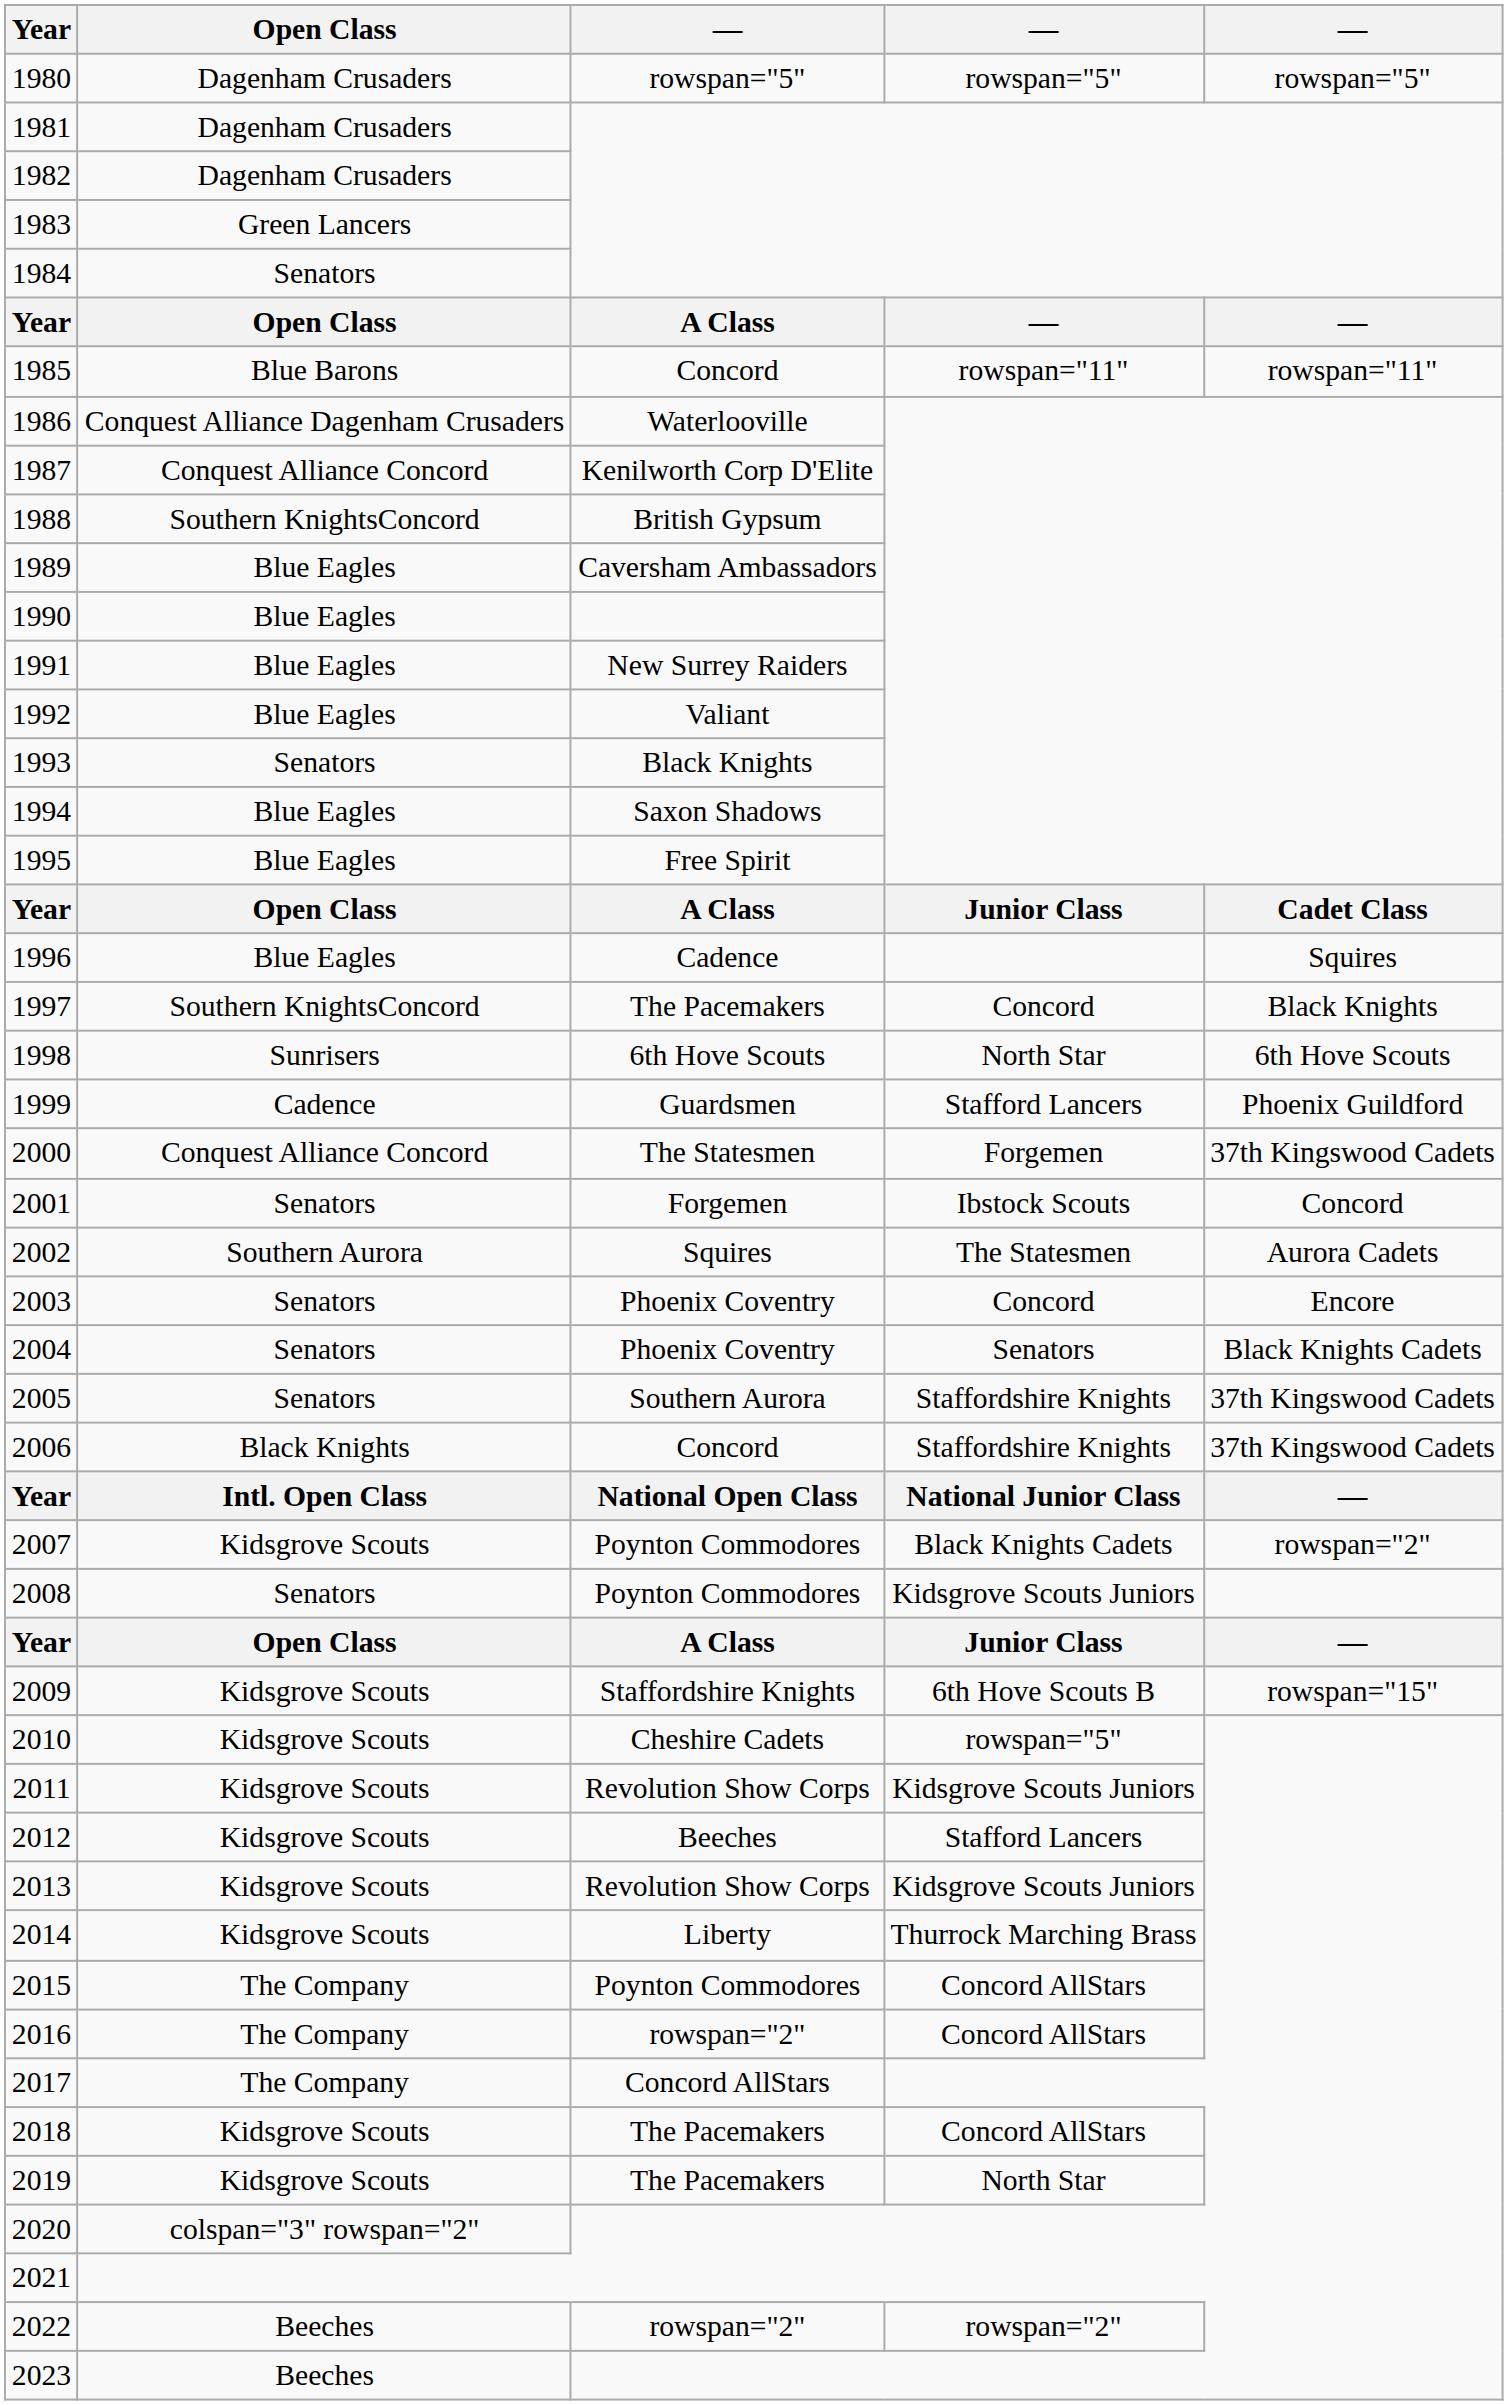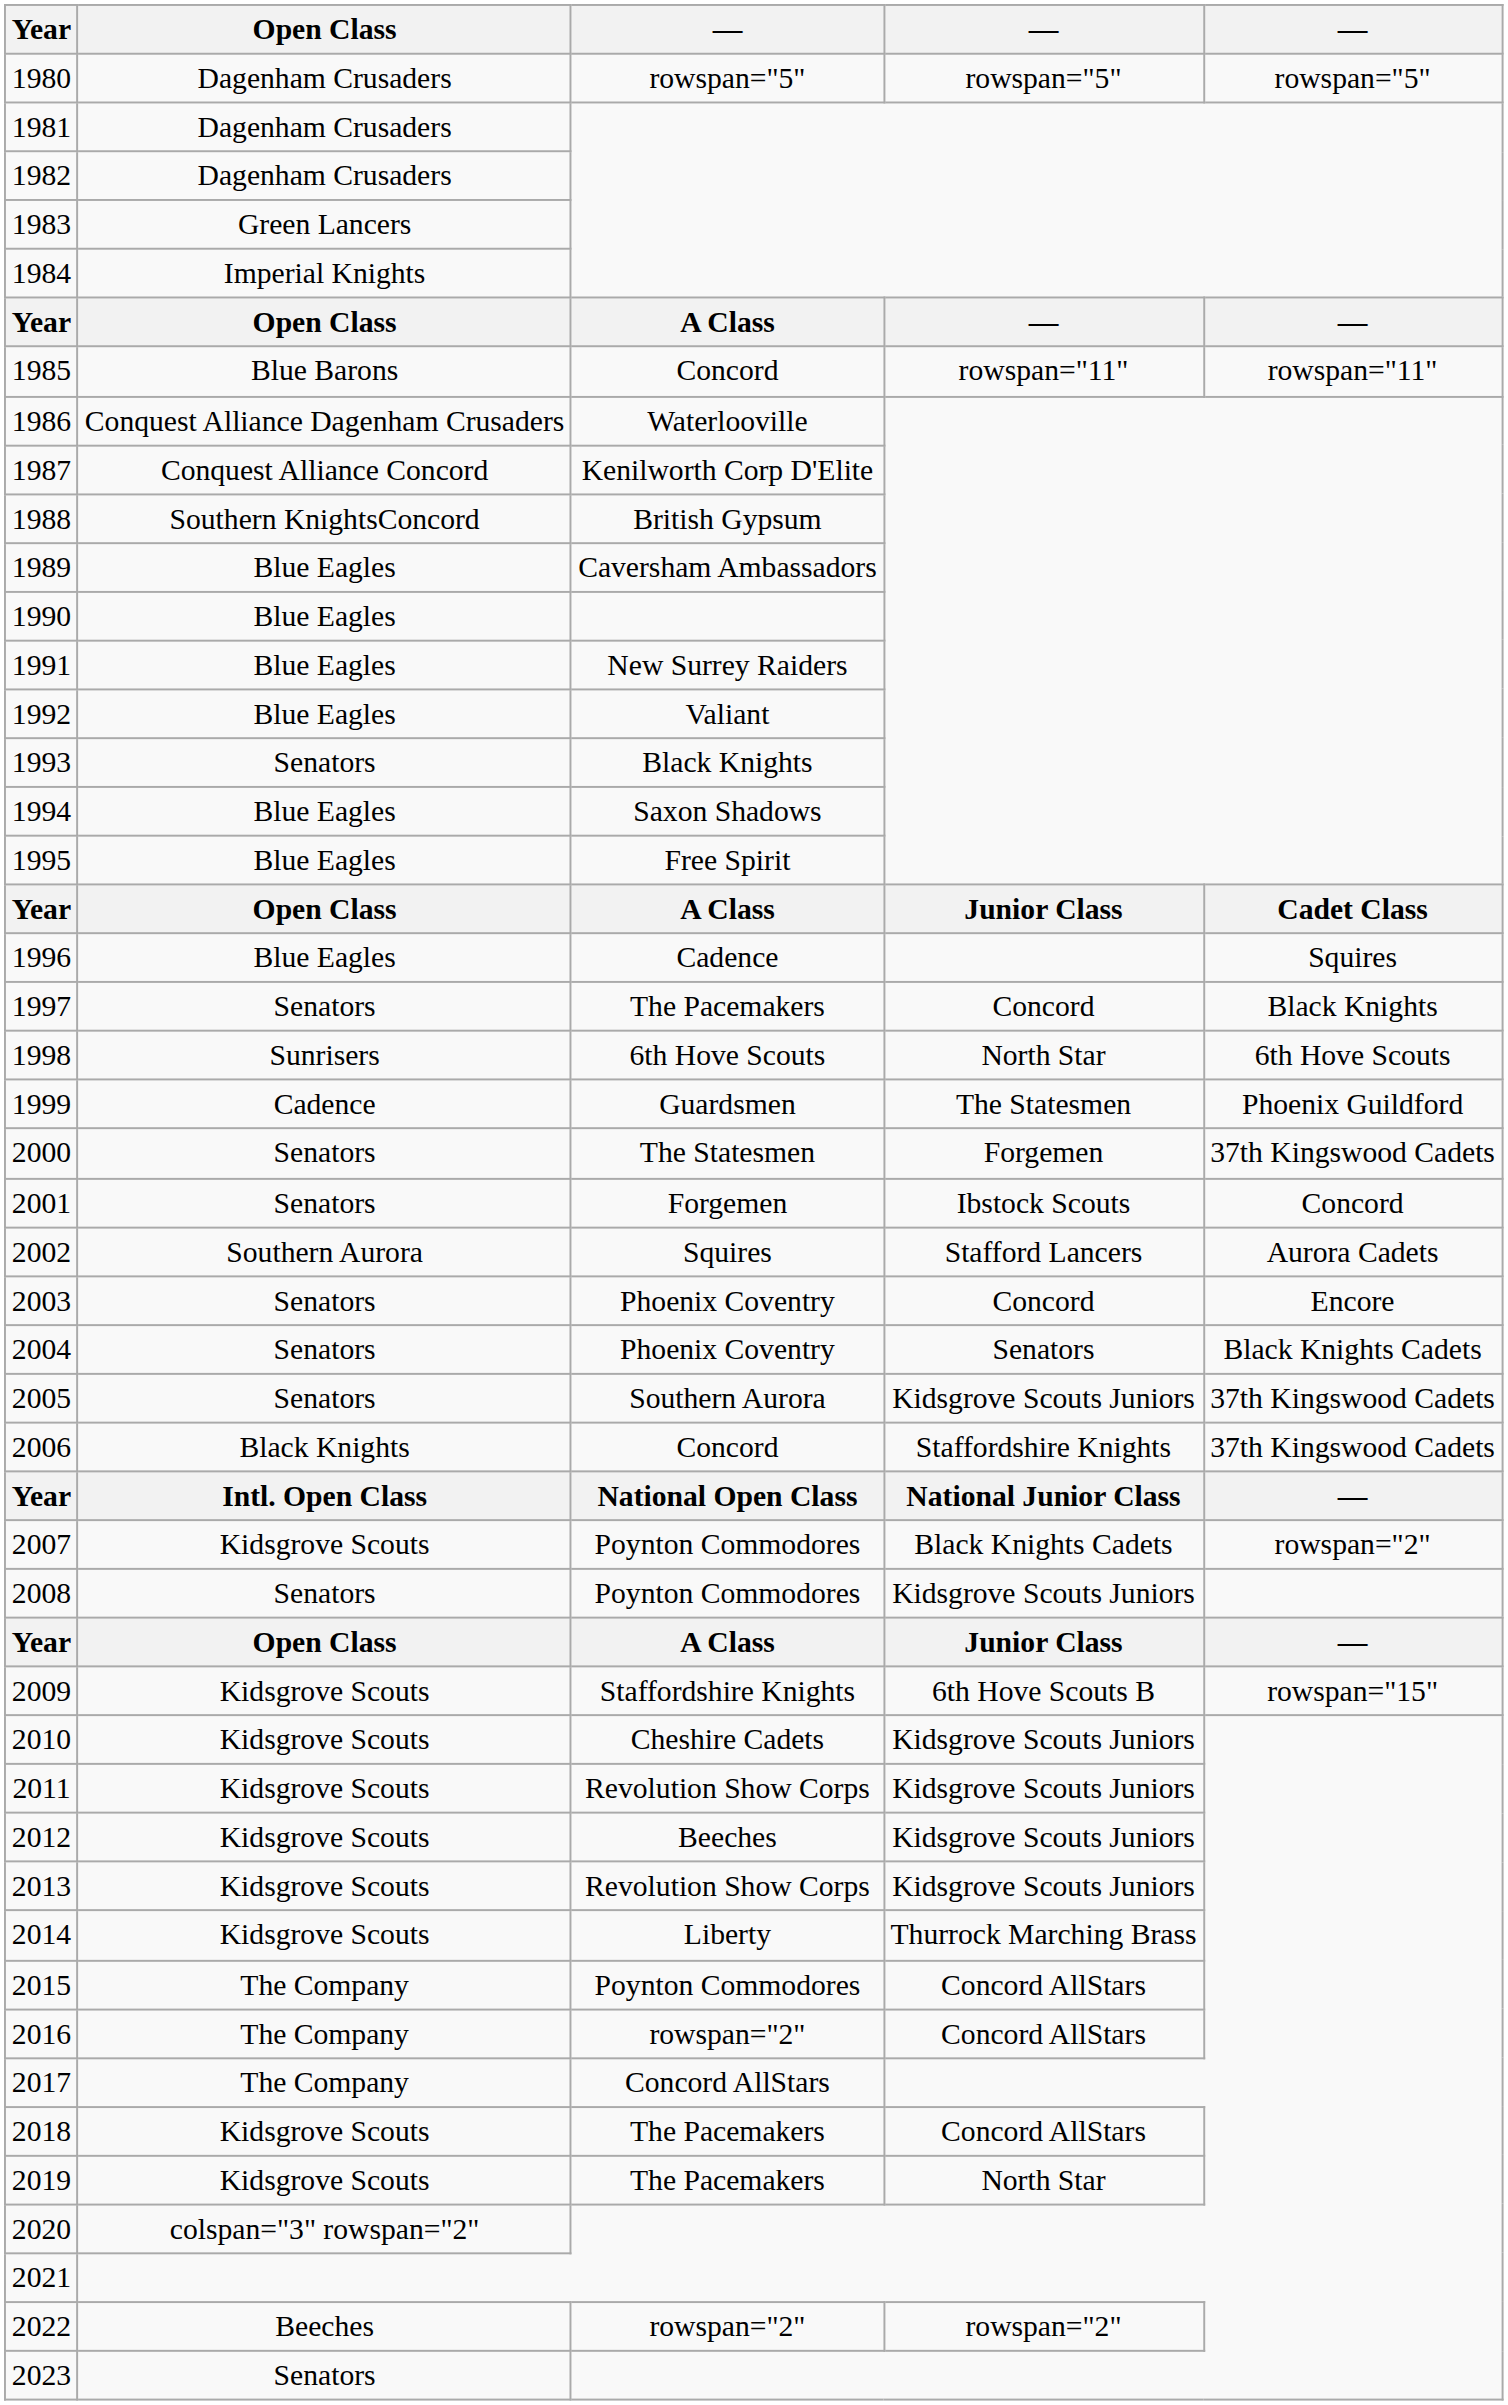 <table class="wikitable" style="font-size: 95%; text-align:center;">
 <tr>
 <th>Year</th>
 <th>Open Class</th>
 <th>—</th>
 <th>—</th>
 <th>—</th>
 </tr>
 <tr>
 <td>1980</td>
 <td>Dagenham Crusaders </td>
 <td>rowspan="5" </td>
 <td>rowspan="5" </td>
 <td>rowspan="5" </td>
 </tr>
 <tr>
 <td>1981</td>
 <td>Dagenham Crusaders </td>
 </tr>
 <tr>
 <td>1982</td>
 <td>Dagenham Crusaders </td>
 </tr>
 <tr>
 <td>1983</td>
 <td>Green Lancers</td>
 </tr>
 <tr>
 <td>1984</td>
-<td>Senators </td>
+<td>Imperial Knights</td>
 </tr>
 <tr>
 <th>Year</th>
 <th>Open Class</th>
 <th>A Class</th>
 <th>—</th>
 <th>—</th>
 </tr>
 <tr>
 <td>1985</td>
 <td>Blue Barons</td>
 <td>Concord</td>
 <td>rowspan="11" </td>
 <td>rowspan="11" </td>
 </tr>
 <tr>
 <td>1986</td>
 <td>Conquest Alliance Dagenham Crusaders </td>
 <td>Waterlooville</td>
 </tr>
 <tr>
 <td>1987</td>
 <td>Conquest Alliance Concord </td>
 <td>Kenilworth Corp D'Elite</td>
 </tr>
 <tr>
 <td>1988</td>
 <td>Southern KnightsConcord </td>
 <td>British Gypsum</td>
 </tr>
 <tr>
 <td>1989</td>
 <td>Blue Eagles </td>
 <td>Caversham Ambassadors</td>
 </tr>
 <tr>
 <td>1990</td>
 <td>Blue Eagles </td>
 <td></td>
 </tr>
 <tr>
 <td>1991</td>
 <td>Blue Eagles </td>
 <td>New Surrey Raiders</td>
 </tr>
 <tr>
 <td>1992</td>
 <td>Blue Eagles </td>
 <td>Valiant</td>
 </tr>
 <tr>
 <td>1993</td>
 <td>Senators </td>
 <td>Black Knights</td>
 </tr>
 <tr>
 <td>1994</td>
 <td>Blue Eagles </td>
 <td>Saxon Shadows</td>
 </tr>
 <tr>
 <td>1995</td>
 <td>Blue Eagles </td>
 <td>Free Spirit</td>
 </tr>
 <tr>
 <th>Year</th>
 <th>Open Class</th>
 <th>A Class</th>
 <th>Junior Class</th>
 <th>Cadet Class</th>
 </tr>
 <tr>
 <td>1996</td>
 <td>Blue Eagles </td>
 <td>Cadence</td>
 <td></td>
 <td>Squires</td>
 </tr>
 <tr>
 <td>1997</td>
-<td>Southern KnightsConcord </td>
+<td>Senators </td>
 <td>The Pacemakers </td>
 <td>Concord </td>
 <td>Black Knights</td>
 </tr>
 <tr>
 <td>1998</td>
 <td>Sunrisers</td>
 <td>6th Hove Scouts</td>
 <td>North Star</td>
 <td>6th Hove Scouts</td>
 </tr>
 <tr>
 <td>1999</td>
 <td>Cadence </td>
 <td>Guardsmen</td>
-<td>Stafford Lancers</td>
+<td>The Statesmen</td>
 <td>Phoenix Guildford</td>
 </tr>
 <tr>
 <td>2000</td>
-<td>Conquest Alliance Concord </td>
+<td>Senators </td>
 <td>The Statesmen</td>
 <td>Forgemen</td>
 <td>37th Kingswood Cadets </td>
 </tr>
 <tr>
 <td>2001</td>
 <td>Senators </td>
 <td>Forgemen</td>
 <td>Ibstock Scouts</td>
 <td>Concord</td>
 </tr>
 <tr>
 <td>2002</td>
 <td>Southern Aurora</td>
 <td>Squires</td>
-<td>The Statesmen</td>
+<td>Stafford Lancers</td>
 <td>Aurora Cadets</td>
 </tr>
 <tr>
 <td>2003</td>
 <td>Senators </td>
 <td>Phoenix Coventry </td>
 <td>Concord </td>
 <td>Encore</td>
 </tr>
 <tr>
 <td>2004</td>
 <td>Senators </td>
 <td>Phoenix Coventry </td>
 <td>Senators</td>
 <td>Black Knights Cadets</td>
 </tr>
 <tr>
 <td>2005</td>
 <td>Senators </td>
 <td>Southern Aurora</td>
-<td>Staffordshire Knights</td>
+<td>Kidsgrove Scouts Juniors </td>
 <td>37th Kingswood Cadets </td>
 </tr>
 <tr>
 <td>2006</td>
 <td>Black Knights</td>
 <td>Concord </td>
 <td>Staffordshire Knights </td>
 <td>37th Kingswood Cadets </td>
 </tr>
 <tr>
 <th>Year</th>
 <th>Intl. Open Class</th>
 <th>National Open Class</th>
 <th>National Junior Class</th>
 <th>—</th>
 </tr>
 <tr>
 <td>2007</td>
 <td>Kidsgrove Scouts </td>
 <td>Poynton Commodores </td>
 <td>Black Knights Cadets</td>
 <td>rowspan="2" </td>
 </tr>
 <tr>
 <td>2008</td>
 <td>Senators </td>
 <td>Poynton Commodores </td>
 <td>Kidsgrove Scouts Juniors </td>
 </tr>
 <tr>
 <th>Year</th>
 <th>Open Class</th>
 <th>A Class</th>
 <th>Junior Class</th>
 <th>—</th>
 </tr>
 <tr>
 <td>2009</td>
 <td>Kidsgrove Scouts </td>
 <td>Staffordshire Knights</td>
 <td>6th Hove Scouts B</td>
 <td>rowspan="15" </td>
 </tr>
 <tr>
 <td>2010</td>
 <td>Kidsgrove Scouts </td>
 <td>Cheshire Cadets</td>
-<td>rowspan="5" </td>
+<td>Kidsgrove Scouts Juniors </td>
 </tr>
 <tr>
 <td>2011</td>
 <td>Kidsgrove Scouts </td>
 <td>Revolution Show Corps </td>
 <td>Kidsgrove Scouts Juniors </td>
 </tr>
 <tr>
 <td>2012</td>
 <td>Kidsgrove Scouts </td>
 <td>Beeches</td>
-<td>Stafford Lancers</td>
+<td>Kidsgrove Scouts Juniors </td>
 </tr>
 <tr>
 <td>2013</td>
 <td>Kidsgrove Scouts </td>
 <td>Revolution Show Corps </td>
 <td>Kidsgrove Scouts Juniors </td>
 </tr>
 <tr>
 <td>2014</td>
 <td>Kidsgrove Scouts </td>
 <td>Liberty</td>
 <td>Thurrock Marching Brass</td>
 </tr>
 <tr>
 <td>2015</td>
 <td>The Company </td>
 <td>Poynton Commodores </td>
 <td>Concord AllStars </td>
 </tr>
 <tr>
 <td>2016</td>
 <td>The Company </td>
 <td>rowspan="2" </td>
 <td>Concord AllStars </td>
 </tr>
 <tr>
 <td>2017</td>
 <td>The Company </td>
 <td>Concord AllStars </td>
 </tr>
 <tr>
 <td>2018</td>
 <td>Kidsgrove Scouts </td>
 <td>The Pacemakers </td>
 <td>Concord AllStars </td>
 </tr>
 <tr>
 <td>2019</td>
 <td>Kidsgrove Scouts </td>
 <td>The Pacemakers </td>
 <td>North Star</td>
 </tr>
 <tr>
 <td>2020</td>
 <td>colspan="3" rowspan="2" </td>
 </tr>
 <tr>
 <td>2021</td>
 </tr>
 <tr>
 <td>2022</td>
 <td>Beeches </td>
 <td>rowspan="2" </td>
 <td>rowspan="2" </td>
 </tr>
 <tr>
 <td>2023</td>
-<td>Beeches </td>
+<td>Senators </td>
 </tr>
 </table>
